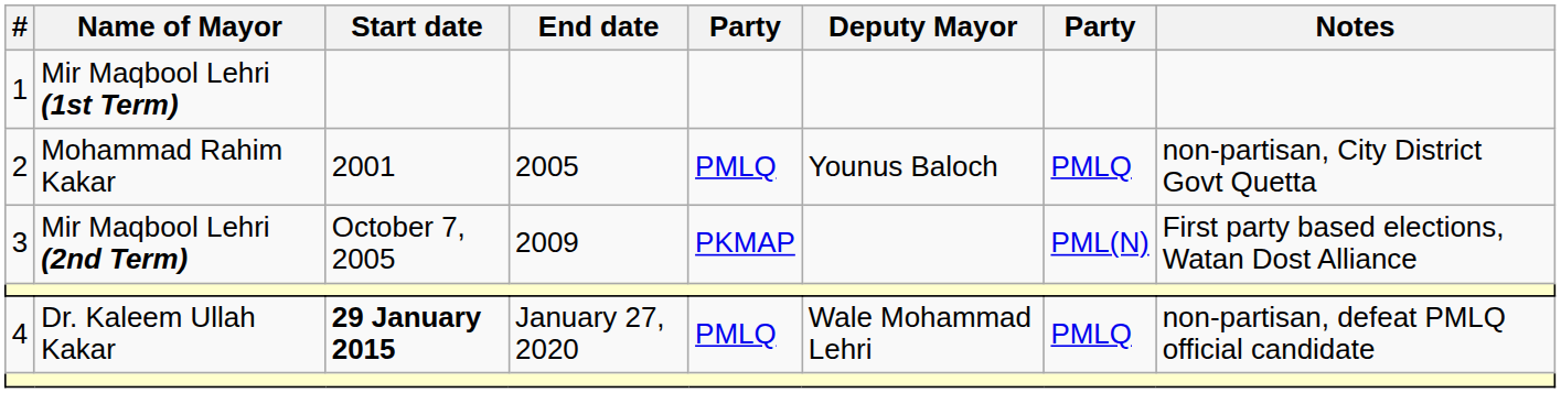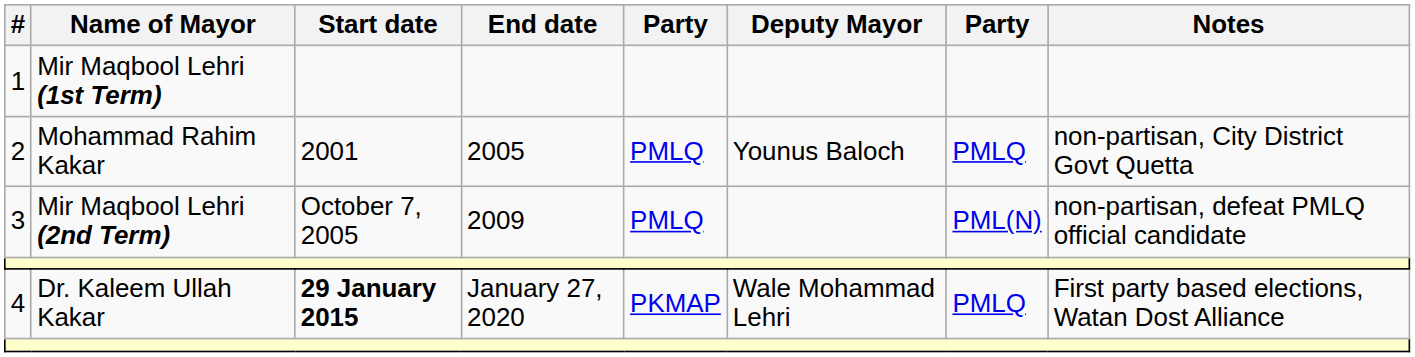 <table class="wikitable">
 <tr>
 <th>#</th>
 <th>Name of Mayor</th>
 <th>Start date</th>
 <th>End date</th>
 <th>Party</th>
 <th>Deputy Mayor</th>
 <th>Party</th>
 <th>Notes</th>
 </tr>
 <tr>
 <td>1</td>
 <td>Mir Maqbool Lehri <strong><em>(1st Term)</em></strong></td>
 <td></td>
 <td></td>
 <td></td>
 <td></td>
 <td></td>
 <td></td>
 </tr>
 <tr>
 <td>2</td>
 <td>Mohammad Rahim Kakar</td>
 <td>2001</td>
 <td>2005</td>
 <td style="background-color: "><a href='#'>PMLQ</a></td>
 <td>Younus Baloch</td>
 <td style="background-color: "><a href='#'>PMLQ</a></td>
 <td>non-partisan, City District Govt Quetta</td>
 </tr>
 <tr>
 <td>3</td>
 <td>Mir Maqbool Lehri <strong><em>(2nd Term)</em></strong></td>
 <td>October 7, 2005</td>
 <td>2009</td>
-<td style="background-color: "><a href='#'>PKMAP</a></td>
+<td style="background-color: "><a href='#'>PMLQ</a></td>
 <td></td>
 <td style="background-color: "><a href='#'>PML(N)</a></td>
-<td>First party based elections, Watan Dost Alliance</td>
+<td>non-partisan, defeat PMLQ official candidate</td>
 </tr>
 <tr>
 <td colspan="8" style="border: 1px solid black; background: #ffffcc;"></td>
 </tr>
 <tr>
 <td>4</td>
 <td>Dr. Kaleem Ullah Kakar</td>
 <td><strong>29 January 2015</strong></td>
 <td>January 27, 2020</td>
-<td style="background-color: "><a href='#'>PMLQ</a></td>
+<td style="background-color: "><a href='#'>PKMAP</a></td>
 <td>Wale Mohammad Lehri</td>
 <td style="background-color: "><a href='#'>PMLQ</a></td>
-<td>non-partisan, defeat PMLQ official candidate</td>
+<td>First party based elections, Watan Dost Alliance</td>
 </tr>
 <tr>
 <td colspan="8" style="border: 1px solid black; background: #ffffcc;"></td>
 </tr>
 </table>
